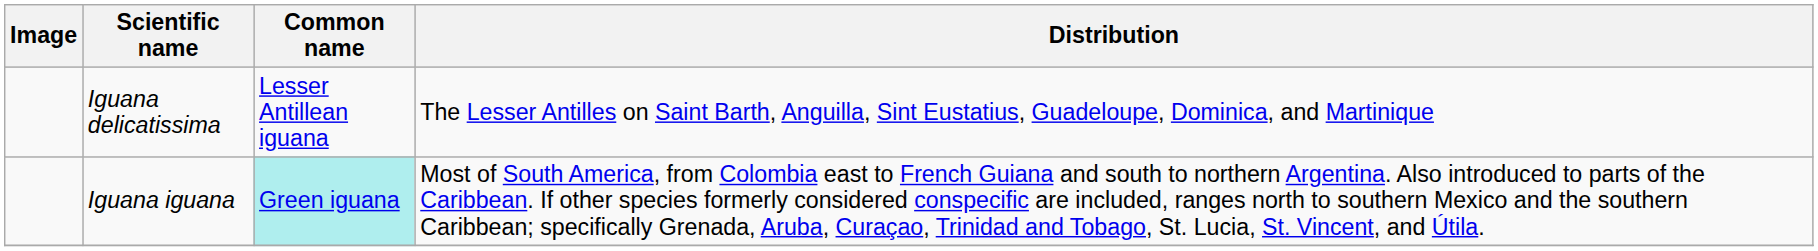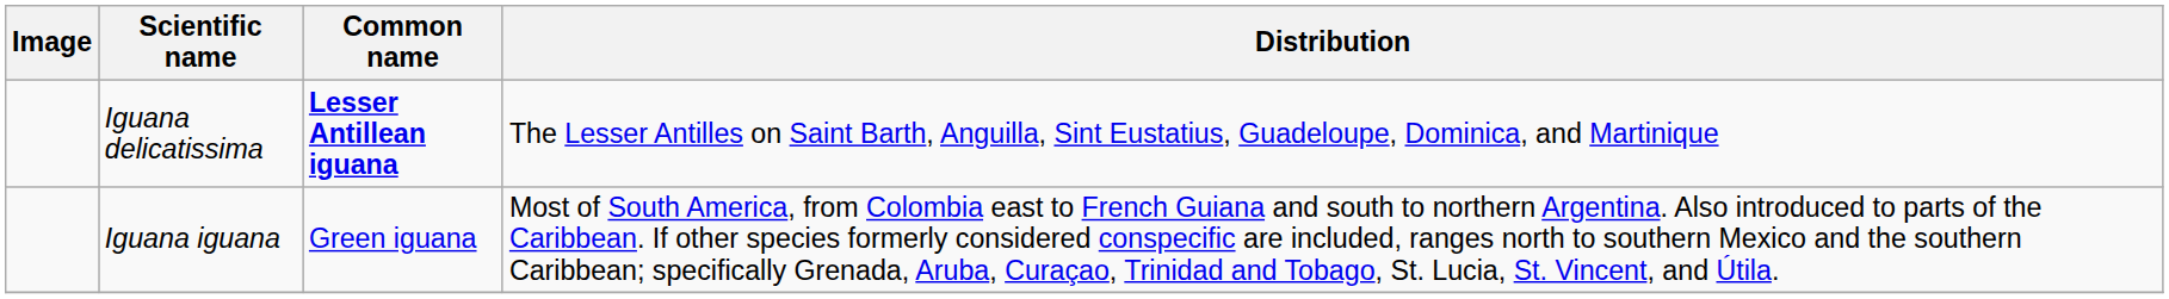 <table class="wikitable">
 <tr>
 <th>Image</th>
 <th>Scientific name</th>
 <th>Common name</th>
 <th>Distribution</th>
 </tr>
 <tr>
 <td></td>
 <td><em>Iguana delicatissima</em></td>
-<td><a href='#'>Lesser Antillean iguana</a></td>
+<td><strong><a href='#'>Lesser Antillean iguana</a></strong></td>
 <td>The <a href='#'>Lesser Antilles</a> on <a href='#'>Saint Barth</a>, <a href='#'>Anguilla</a>, <a href='#'>Sint Eustatius</a>, <a href='#'>Guadeloupe</a>, <a href='#'>Dominica</a>, and <a href='#'>Martinique</a></td>
 </tr>
 <tr>
 <td></td>
 <td><em>Iguana iguana</em></td>
-<td style="background: paleturquoise;"><a href='#'>Green iguana</a></td>
+<td><a href='#'>Green iguana</a></td>
 <td>Most of <a href='#'>South America</a>, from <a href='#'>Colombia</a> east to <a href='#'>French Guiana</a> and south to northern <a href='#'>Argentina</a>. Also introduced to parts of the <a href='#'>Caribbean</a>. If other species formerly considered <a href='#'>conspecific</a> are included, ranges north to southern Mexico and the southern Caribbean; specifically Grenada, <a href='#'>Aruba</a>, <a href='#'>Curaçao</a>, <a href='#'>Trinidad and Tobago</a>, St. Lucia, <a href='#'>St. Vincent</a>, and <a href='#'>Útila</a>.</td>
 </tr>
 <tr>
 </tr>
 </table>
